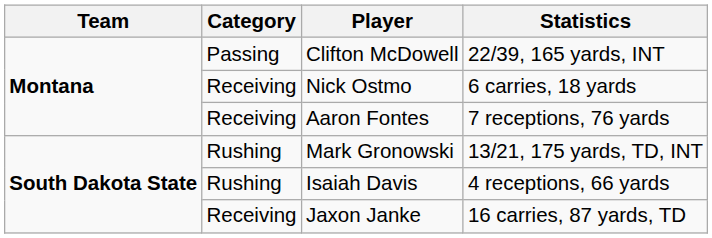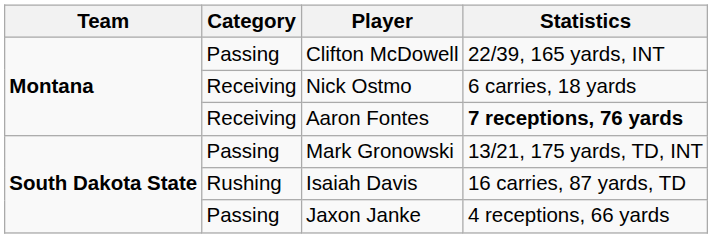 <table class="wikitable" style="float: left;">
 <tr>
 <th>Team</th>
 <th>Category</th>
 <th>Player</th>
 <th>Statistics</th>
 </tr>
 <tr>
 <td rowspan=3><strong>Montana</strong></td>
 <td>Passing</td>
 <td>Clifton McDowell</td>
 <td>22/39, 165 yards, INT</td>
 </tr>
 <tr>
 <td>Receiving</td>
 <td>Nick Ostmo</td>
 <td>6 carries, 18 yards</td>
 </tr>
 <tr>
 <td>Receiving</td>
 <td>Aaron Fontes</td>
-<td>7 receptions, 76 yards</td>
+<td><strong>7 receptions, 76 yards</strong></td>
 </tr>
 <tr>
 <td rowspan=3><strong>South Dakota State</strong></td>
-<td>Rushing</td>
+<td>Passing</td>
 <td>Mark Gronowski</td>
 <td>13/21, 175 yards, TD, INT</td>
 </tr>
 <tr>
 <td>Rushing</td>
 <td>Isaiah Davis</td>
+<td>16 carries, 87 yards, TD</td>
+</tr>
+<tr>
+<td>Passing</td>
+<td>Jaxon Janke</td>
 <td>4 receptions, 66 yards</td>
 </tr>
-<tr>
-<td>Receiving</td>
-<td>Jaxon Janke</td>
-<td>16 carries, 87 yards, TD</td>
-</tr>
 </table>
